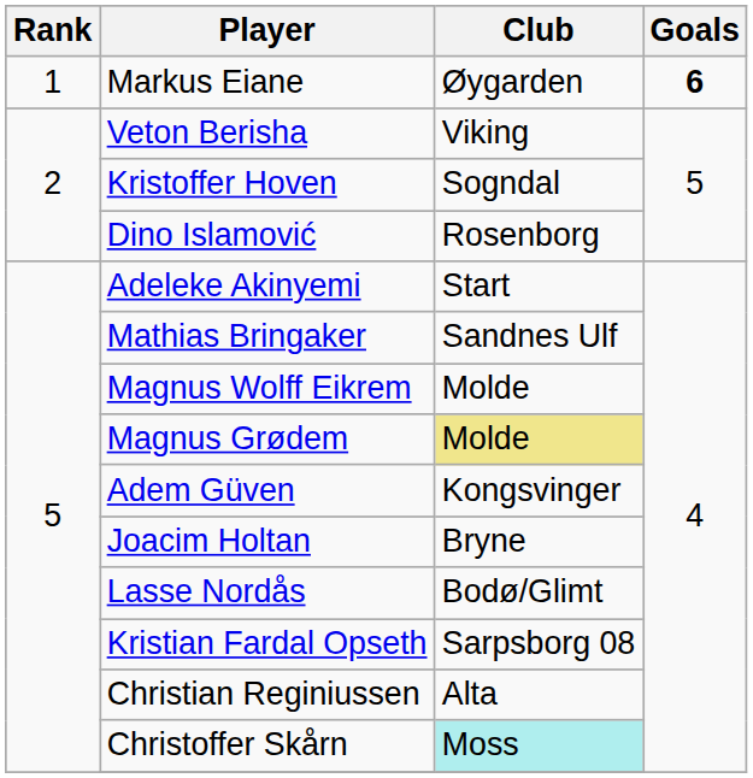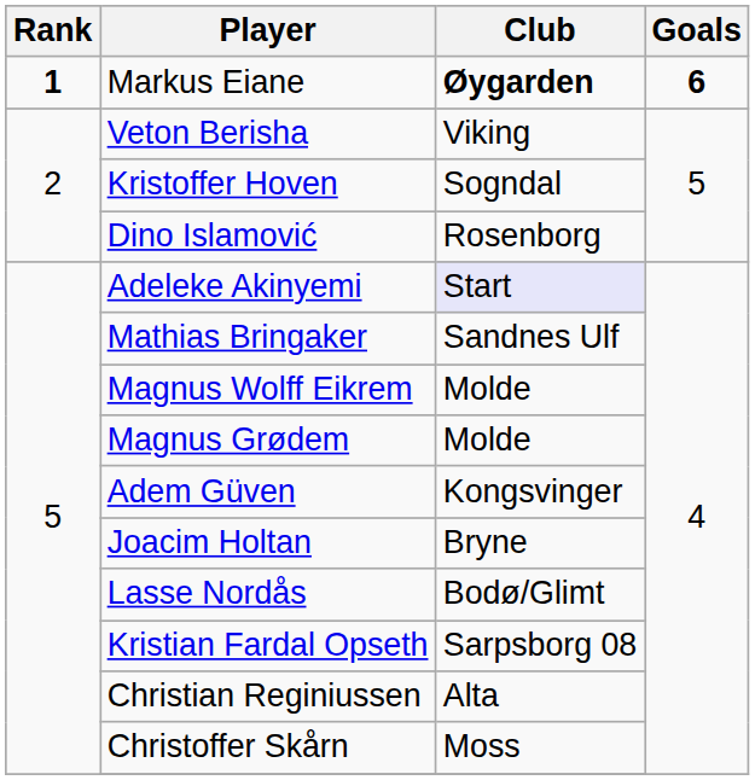 <table class="wikitable" style="text-align:center">
 <tr>
 <th>Rank</th>
 <th>Player</th>
 <th>Club</th>
 <th>Goals</th>
 </tr>
 <tr>
-<td rowspan="1">1</td>
+<td rowspan="1"><strong>1</strong></td>
 <td align=left> Markus Eiane</td>
-<td align=left>Øygarden</td>
+<td align=left><strong>Øygarden</strong></td>
 <td rowspan="1"><strong>6</strong></td>
 </tr>
 <tr>
 <td rowspan="3">2</td>
 <td align=left> <a href='#'>Veton Berisha</a></td>
 <td align=left>Viking</td>
 <td rowspan="3">5</td>
 </tr>
 <tr>
 <td align=left> <a href='#'>Kristoffer Hoven</a></td>
 <td align=left>Sogndal</td>
 </tr>
 <tr>
 <td align=left> <a href='#'>Dino Islamović</a></td>
 <td align=left>Rosenborg</td>
 </tr>
 <tr>
 <td rowspan="11">5</td>
 <td align=left> <a href='#'>Adeleke Akinyemi</a></td>
-<td align=left>Start</td>
+<td align=left style="background: lavender;">Start</td>
 <td rowspan="11">4</td>
 </tr>
 <tr>
 <td align=left> <a href='#'>Mathias Bringaker</a></td>
 <td align=left>Sandnes Ulf</td>
 </tr>
 <tr>
 <td align=left> <a href='#'>Magnus Wolff Eikrem</a></td>
 <td align=left>Molde</td>
 </tr>
 <tr>
 <td align=left> <a href='#'>Magnus Grødem</a></td>
-<td align=left style="background: khaki;">Molde</td>
+<td align=left>Molde</td>
 </tr>
 <tr>
 <td align=left> <a href='#'>Adem Güven</a></td>
 <td align=left>Kongsvinger</td>
 </tr>
 <tr>
 <td align=left> <a href='#'>Joacim Holtan</a></td>
 <td align=left>Bryne</td>
 </tr>
 <tr>
 <td align=left> <a href='#'>Lasse Nordås</a></td>
 <td align=left>Bodø/Glimt</td>
 </tr>
 <tr>
 <td align=left> <a href='#'>Kristian Fardal Opseth</a></td>
 <td align=left>Sarpsborg 08</td>
 </tr>
 <tr>
 <td align=left> Christian Reginiussen</td>
 <td align=left>Alta</td>
 </tr>
 <tr>
 <td align=left> Christoffer Skårn</td>
-<td align=left style="background: paleturquoise;">Moss</td>
+<td align=left>Moss</td>
 </tr>
 <tr>
 </tr>
 </table>
